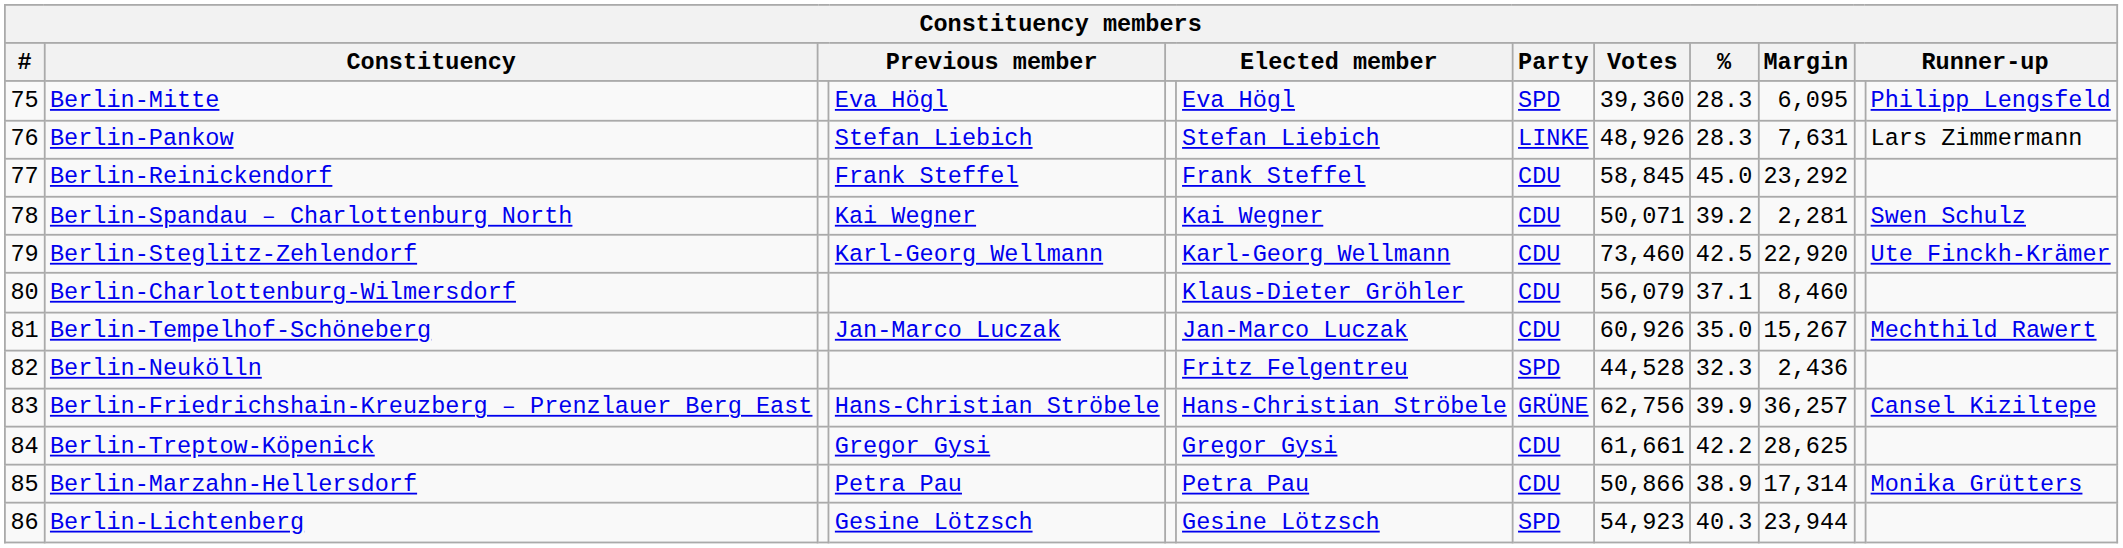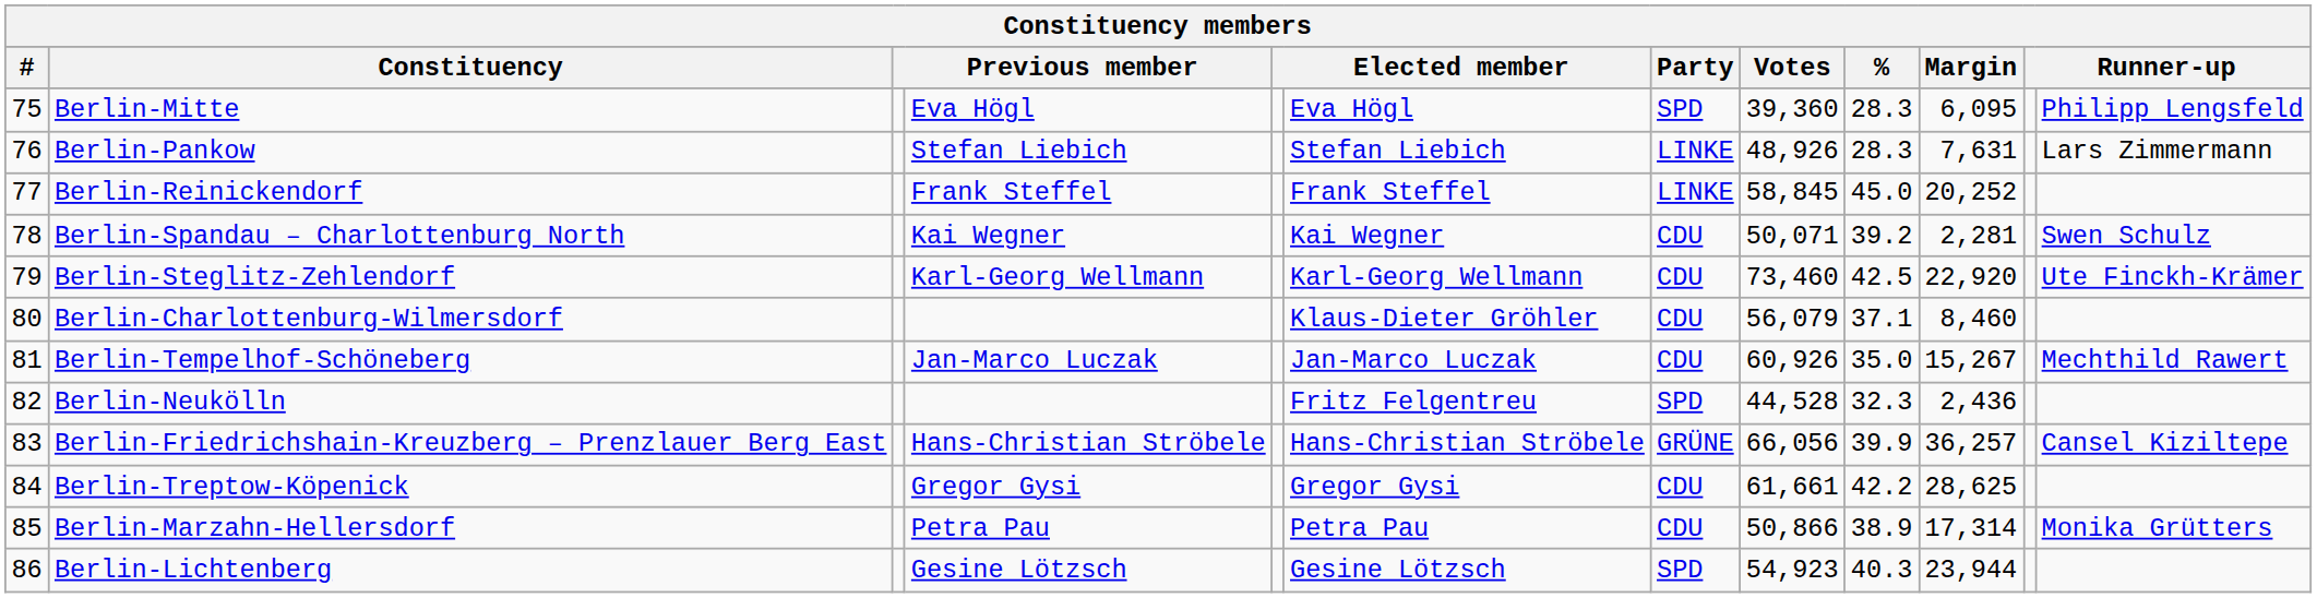 <table class="wikitable sortable" style="text-align:right">
 <tr>
 <th colspan="12">Constituency members</th>
 </tr>
 <tr>
 <th>#</th>
 <th>Constituency</th>
 <th colspan="2">Previous member</th>
 <th colspan="2">Elected member</th>
 <th>Party</th>
 <th>Votes</th>
 <th>%</th>
 <th>Margin</th>
 <th colspan="2">Runner-up</th>
 </tr>
 <tr>
 <td>75</td>
 <td align=left><a href='#'>Berlin-Mitte</a></td>
 <td bgcolor=></td>
 <td align=left><a href='#'>Eva Högl</a></td>
 <td bgcolor=></td>
 <td align=left><a href='#'>Eva Högl</a></td>
 <td align=left><a href='#'>SPD</a></td>
 <td>39,360</td>
 <td>28.3</td>
 <td>6,095</td>
 <td bgcolor=></td>
 <td align=left><a href='#'>Philipp Lengsfeld</a></td>
 </tr>
 <tr>
 <td>76</td>
 <td align=left><a href='#'>Berlin-Pankow</a></td>
 <td bgcolor=></td>
 <td align=left><a href='#'>Stefan Liebich</a></td>
 <td bgcolor=></td>
 <td align=left><a href='#'>Stefan Liebich</a></td>
 <td align=left><a href='#'>LINKE</a></td>
 <td>48,926</td>
 <td>28.3</td>
 <td>7,631</td>
 <td bgcolor=></td>
 <td align=left>Lars Zimmermann</td>
 </tr>
 <tr>
 <td>77</td>
 <td align=left><a href='#'>Berlin-Reinickendorf</a></td>
 <td bgcolor=></td>
 <td align=left><a href='#'>Frank Steffel</a></td>
 <td bgcolor=></td>
 <td align=left><a href='#'>Frank Steffel</a></td>
-<td align=left><a href='#'>CDU</a></td>
+<td align=left><a href='#'>LINKE</a></td>
 <td>58,845</td>
 <td>45.0</td>
-<td>23,292</td>
+<td>20,252</td>
 <td bgcolor=></td>
 <td align=left></td>
 </tr>
 <tr>
 <td>78</td>
 <td align=left><a href='#'>Berlin-Spandau – Charlottenburg North</a></td>
 <td bgcolor=></td>
 <td align=left><a href='#'>Kai Wegner</a></td>
 <td bgcolor=></td>
 <td align=left><a href='#'>Kai Wegner</a></td>
 <td align=left><a href='#'>CDU</a></td>
 <td>50,071</td>
 <td>39.2</td>
 <td>2,281</td>
 <td bgcolor=></td>
 <td align=left><a href='#'>Swen Schulz</a></td>
 </tr>
 <tr>
 <td>79</td>
 <td align=left><a href='#'>Berlin-Steglitz-Zehlendorf</a></td>
 <td bgcolor=></td>
 <td align=left><a href='#'>Karl-Georg Wellmann</a></td>
 <td bgcolor=></td>
 <td align=left><a href='#'>Karl-Georg Wellmann</a></td>
 <td align=left><a href='#'>CDU</a></td>
 <td>73,460</td>
 <td>42.5</td>
 <td>22,920</td>
 <td bgcolor=></td>
 <td align=left><a href='#'>Ute Finckh-Krämer</a></td>
 </tr>
 <tr>
 <td>80</td>
 <td align=left><a href='#'>Berlin-Charlottenburg-Wilmersdorf</a></td>
 <td bgcolor=></td>
 <td align=left></td>
 <td></td>
 <td align=left><a href='#'>Klaus-Dieter Gröhler</a></td>
 <td align=left><a href='#'>CDU</a></td>
 <td>56,079</td>
 <td>37.1</td>
 <td>8,460</td>
 <td bgcolor=></td>
 <td align=left></td>
 </tr>
 <tr>
 <td>81</td>
 <td align=left><a href='#'>Berlin-Tempelhof-Schöneberg</a></td>
 <td bgcolor=></td>
 <td align=left><a href='#'>Jan-Marco Luczak</a></td>
 <td bgcolor=></td>
 <td align=left><a href='#'>Jan-Marco Luczak</a></td>
 <td align=left><a href='#'>CDU</a></td>
 <td>60,926</td>
 <td>35.0</td>
 <td>15,267</td>
 <td bgcolor=></td>
 <td align=left><a href='#'>Mechthild Rawert</a></td>
 </tr>
 <tr>
 <td>82</td>
 <td align=left><a href='#'>Berlin-Neukölln</a></td>
 <td bgcolor=></td>
 <td align=left></td>
 <td></td>
 <td align=left><a href='#'>Fritz Felgentreu</a></td>
 <td align=left><a href='#'>SPD</a></td>
 <td>44,528</td>
 <td>32.3</td>
 <td>2,436</td>
 <td bgcolor=></td>
 <td align=left></td>
 </tr>
 <tr>
 <td>83</td>
 <td align=left><a href='#'>Berlin-Friedrichshain-Kreuzberg – Prenzlauer Berg East</a></td>
 <td bgcolor=></td>
 <td align=left><a href='#'>Hans-Christian Ströbele</a></td>
 <td bgcolor=></td>
 <td align=left><a href='#'>Hans-Christian Ströbele</a></td>
 <td align=left><a href='#'>GRÜNE</a></td>
-<td>62,756</td>
+<td>66,056</td>
 <td>39.9</td>
 <td>36,257</td>
 <td bgcolor=></td>
 <td align=left><a href='#'>Cansel Kiziltepe</a></td>
 </tr>
 <tr>
 <td>84</td>
 <td align=left><a href='#'>Berlin-Treptow-Köpenick</a></td>
 <td bgcolor=></td>
 <td align=left><a href='#'>Gregor Gysi</a></td>
 <td bgcolor=></td>
 <td align=left><a href='#'>Gregor Gysi</a></td>
 <td align=left><a href='#'>CDU</a></td>
 <td>61,661</td>
 <td>42.2</td>
 <td>28,625</td>
 <td bgcolor=></td>
 <td align=left></td>
 </tr>
 <tr>
 <td>85</td>
 <td align=left><a href='#'>Berlin-Marzahn-Hellersdorf</a></td>
 <td bgcolor=></td>
 <td align=left><a href='#'>Petra Pau</a></td>
 <td bgcolor=></td>
 <td align=left><a href='#'>Petra Pau</a></td>
 <td align=left><a href='#'>CDU</a></td>
 <td>50,866</td>
 <td>38.9</td>
 <td>17,314</td>
 <td bgcolor=></td>
 <td align=left><a href='#'>Monika Grütters</a></td>
 </tr>
 <tr>
 <td>86</td>
 <td align=left><a href='#'>Berlin-Lichtenberg</a></td>
 <td bgcolor=></td>
 <td align=left><a href='#'>Gesine Lötzsch</a></td>
 <td bgcolor=></td>
 <td align=left><a href='#'>Gesine Lötzsch</a></td>
 <td align=left><a href='#'>SPD</a></td>
 <td>54,923</td>
 <td>40.3</td>
 <td>23,944</td>
 <td bgcolor=></td>
 <td align=left></td>
 </tr>
 </table>
